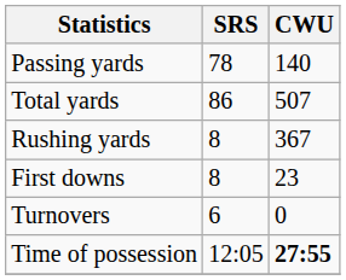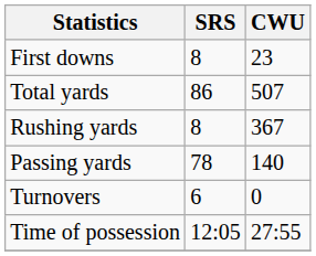 <table class="wikitable" style="float: left;">
 <tr>
 <th>Statistics</th>
 <th>SRS</th>
 <th>CWU</th>
 </tr>
 <tr>
-<td>Passing yards</td>
-<td>78</td>
-<td>140</td>
+<td>First downs</td>
+<td>8</td>
+<td>23</td>
 </tr>
 <tr>
 <td>Total yards</td>
 <td>86</td>
 <td>507</td>
 </tr>
 <tr>
 <td>Rushing yards</td>
 <td>8</td>
 <td>367</td>
 </tr>
 <tr>
-<td>First downs</td>
-<td>8</td>
-<td>23</td>
+<td>Passing yards</td>
+<td>78</td>
+<td>140</td>
 </tr>
 <tr>
 <td>Turnovers</td>
 <td>6</td>
 <td>0</td>
 </tr>
 <tr>
 <td>Time of possession</td>
 <td>12:05</td>
-<td><strong>27:55</strong></td>
+<td>27:55</td>
 </tr>
 <tr>
 </tr>
 </table>
